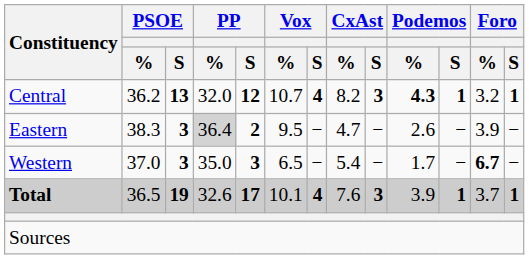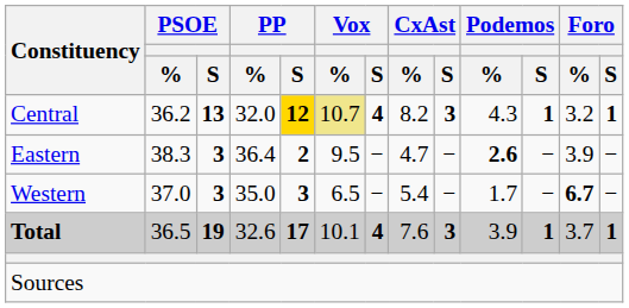 <table class="wikitable sortable" style="text-align:right; line-height:20px;">
 <tr>
 <th rowspan="3">Constituency</th>
 <th colspan="2" width="30px" class="unsortable"><a href='#'>PSOE</a></th>
 <th colspan="2" width="30px" class="unsortable"><a href='#'>PP</a></th>
 <th colspan="2" width="30px" class="unsortable"><a href='#'>Vox</a></th>
 <th colspan="2" width="30px" class="unsortable"><a href='#'>CxAst</a></th>
 <th colspan="2" width="30px" class="unsortable"><a href='#'>Podemos</a></th>
 <th colspan="2" width="30px" class="unsortable"><a href='#'>Foro</a></th>
 </tr>
 <tr>
 <th colspan="2" style="background:"></th>
 <th colspan="2" style="background:"></th>
 <th colspan="2" style="background:"></th>
 <th colspan="2" style="background:"></th>
 <th colspan="2" style="background:"></th>
 <th colspan="2" style="background:"></th>
 </tr>
 <tr>
 <th data-sort-type="number">%</th>
 <th data-sort-type="number">S</th>
 <th data-sort-type="number">%</th>
 <th data-sort-type="number">S</th>
 <th data-sort-type="number">%</th>
 <th data-sort-type="number">S</th>
 <th data-sort-type="number">%</th>
 <th data-sort-type="number">S</th>
 <th data-sort-type="number">%</th>
 <th data-sort-type="number">S</th>
 <th data-sort-type="number">%</th>
 <th data-sort-type="number">S</th>
 </tr>
 <tr>
 <td align="left"><a href='#'>Central</a></td>
 <td style="background:">36.2</td>
 <td><strong>13</strong></td>
 <td>32.0</td>
-<td><strong>12</strong></td>
-<td>10.7</td>
+<td style="background: gold;"><strong>12</strong></td>
+<td style="background: khaki;">10.7</td>
 <td><strong>4</strong></td>
 <td>8.2</td>
 <td><strong>3</strong></td>
-<td><strong>4.3</strong></td>
+<td>4.3</td>
 <td><strong>1</strong></td>
 <td>3.2</td>
 <td><strong>1</strong></td>
 </tr>
 <tr>
 <td align="left"><a href='#'>Eastern</a></td>
 <td style="background:">38.3</td>
 <td><strong>3</strong></td>
-<td style="background: lightgrey;">36.4</td>
+<td>36.4</td>
 <td><strong>2</strong></td>
 <td>9.5</td>
 <td>−</td>
 <td>4.7</td>
 <td>−</td>
-<td>2.6</td>
+<td><strong>2.6</strong></td>
 <td>−</td>
 <td>3.9</td>
 <td>−</td>
 </tr>
 <tr>
 <td align="left"><a href='#'>Western</a></td>
 <td style="background:">37.0</td>
 <td><strong>3</strong></td>
 <td>35.0</td>
 <td><strong>3</strong></td>
 <td>6.5</td>
 <td>−</td>
 <td>5.4</td>
 <td>−</td>
 <td>1.7</td>
 <td>−</td>
 <td><strong>6.7</strong></td>
 <td>−</td>
 </tr>
 <tr style="background:#CDCDCD;">
 <td align="left"><strong>Total</strong></td>
 <td style="background:">36.5</td>
 <td><strong>19</strong></td>
 <td>32.6</td>
 <td><strong>17</strong></td>
 <td>10.1</td>
 <td><strong>4</strong></td>
 <td>7.6</td>
 <td><strong>3</strong></td>
 <td>3.9</td>
 <td><strong>1</strong></td>
 <td>3.7</td>
 <td><strong>1</strong></td>
 </tr>
 <tr>
 <th colspan="15"></th>
 </tr>
 <tr>
 <th style="text-align:left; font-weight:normal; background:#F9F9F9" colspan="15">Sources</th>
 </tr>
 </table>
